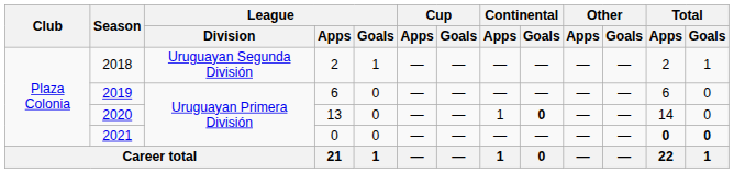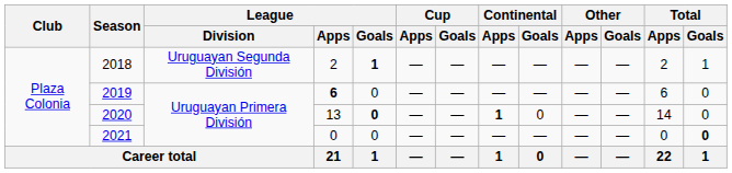 <table class=wikitable style=text-align:center>
 <tr>
 <th rowspan=2>Club</th>
 <th rowspan=2>Season</th>
 <th colspan=3>League</th>
 <th colspan=2>Cup</th>
 <th colspan=2>Continental</th>
 <th colspan=2>Other</th>
 <th colspan=2>Total</th>
 </tr>
 <tr>
 <th>Division</th>
 <th>Apps</th>
 <th>Goals</th>
 <th>Apps</th>
 <th>Goals</th>
 <th>Apps</th>
 <th>Goals</th>
 <th>Apps</th>
 <th>Goals</th>
 <th>Apps</th>
 <th>Goals</th>
 </tr>
 <tr>
 <td rowspan=4><a href='#'>Plaza Colonia</a></td>
 <td>2018</td>
 <td><a href='#'>Uruguayan Segunda División</a></td>
 <td>2</td>
-<td>1</td>
+<td><strong>1</strong></td>
 <td>—</td>
 <td>—</td>
 <td>—</td>
 <td>—</td>
 <td>—</td>
 <td>—</td>
 <td>2</td>
 <td>1</td>
 </tr>
 <tr>
 <td><a href='#'>2019</a></td>
 <td rowspan=3><a href='#'>Uruguayan Primera División</a></td>
-<td>6</td>
+<td><strong>6</strong></td>
 <td>0</td>
 <td>—</td>
 <td>—</td>
 <td>—</td>
 <td>—</td>
 <td>—</td>
 <td>—</td>
 <td>6</td>
 <td>0</td>
 </tr>
 <tr>
 <td><a href='#'>2020</a></td>
 <td>13</td>
-<td>0</td>
+<td><strong>0</strong></td>
 <td>—</td>
 <td>—</td>
-<td>1</td>
-<td><strong>0</strong></td>
+<td><strong>1</strong></td>
+<td>0</td>
 <td>—</td>
 <td>—</td>
 <td>14</td>
 <td>0</td>
 </tr>
 <tr>
 <td><a href='#'>2021</a></td>
 <td>0</td>
 <td>0</td>
 <td>—</td>
 <td>—</td>
 <td>—</td>
 <td>—</td>
 <td>—</td>
 <td>—</td>
-<td><strong>0</strong></td>
+<td>0</td>
 <td><strong>0</strong></td>
 </tr>
 <tr>
 <th colspan=3>Career total</th>
 <th>21</th>
 <th>1</th>
 <th>—</th>
 <th>—</th>
 <th>1</th>
 <th>0</th>
 <th>—</th>
 <th>—</th>
 <th>22</th>
 <th>1</th>
 </tr>
 </table>
